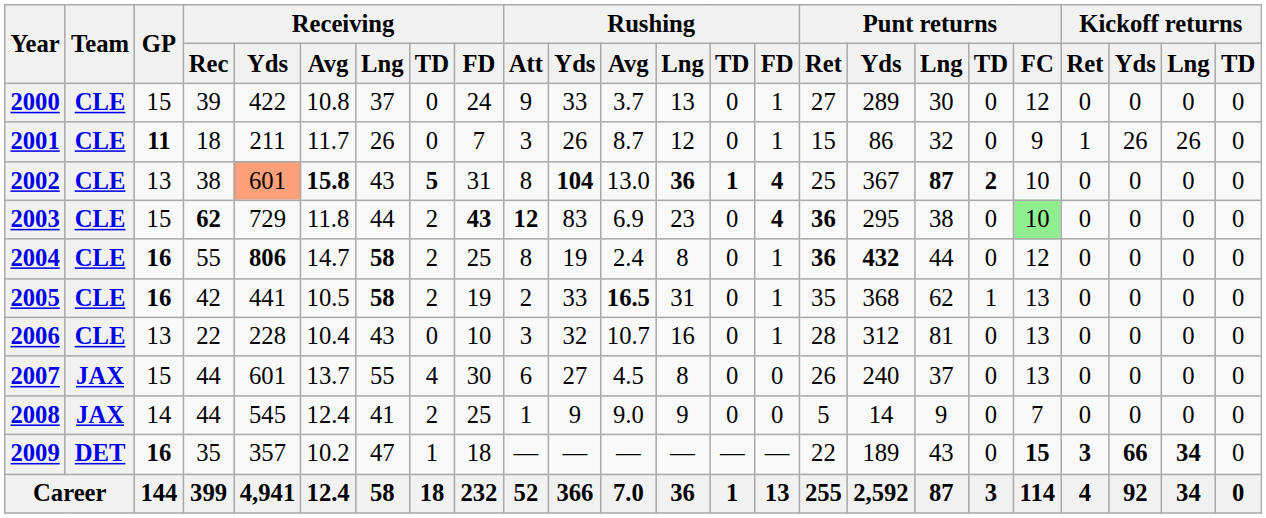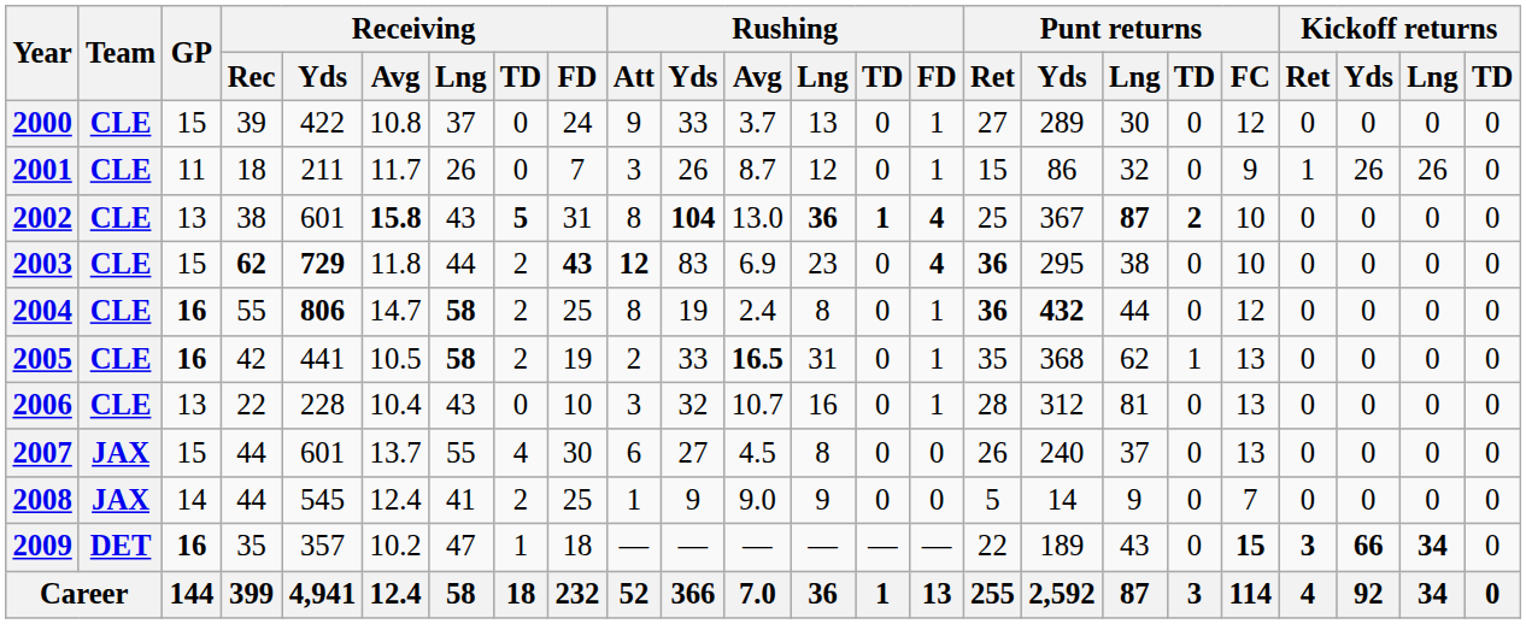 <table class="wikitable" style="text-align:center;">
 <tr>
 <th rowspan="2">Year</th>
 <th rowspan="2">Team</th>
 <th rowspan="2">GP</th>
 <th colspan="6">Receiving</th>
 <th colspan="6">Rushing</th>
 <th colspan="5">Punt returns</th>
 <th colspan="4">Kickoff returns</th>
 </tr>
 <tr>
 <th>Rec</th>
 <th>Yds</th>
 <th>Avg</th>
 <th>Lng</th>
 <th>TD</th>
 <th>FD</th>
 <th>Att</th>
 <th>Yds</th>
 <th>Avg</th>
 <th>Lng</th>
 <th>TD</th>
 <th>FD</th>
 <th>Ret</th>
 <th>Yds</th>
 <th>Lng</th>
 <th>TD</th>
 <th>FC</th>
 <th>Ret</th>
 <th>Yds</th>
 <th>Lng</th>
 <th>TD</th>
 </tr>
 <tr>
 <th><a href='#'>2000</a></th>
 <th><a href='#'>CLE</a></th>
 <td>15</td>
 <td>39</td>
 <td>422</td>
 <td>10.8</td>
 <td>37</td>
 <td>0</td>
 <td>24</td>
 <td>9</td>
 <td>33</td>
 <td>3.7</td>
 <td>13</td>
 <td>0</td>
 <td>1</td>
 <td>27</td>
 <td>289</td>
 <td>30</td>
 <td>0</td>
 <td>12</td>
 <td>0</td>
 <td>0</td>
 <td>0</td>
 <td>0</td>
 </tr>
 <tr>
 <th><a href='#'>2001</a></th>
 <th><a href='#'>CLE</a></th>
-<td><strong>11</strong></td>
+<td>11</td>
 <td>18</td>
 <td>211</td>
 <td>11.7</td>
 <td>26</td>
 <td>0</td>
 <td>7</td>
 <td>3</td>
 <td>26</td>
 <td>8.7</td>
 <td>12</td>
 <td>0</td>
 <td>1</td>
 <td>15</td>
 <td>86</td>
 <td>32</td>
 <td>0</td>
 <td>9</td>
 <td>1</td>
 <td>26</td>
 <td>26</td>
 <td>0</td>
 </tr>
 <tr>
 <th><a href='#'>2002</a></th>
 <th><a href='#'>CLE</a></th>
 <td>13</td>
 <td>38</td>
-<td style="background: lightsalmon;">601</td>
+<td>601</td>
 <td><strong>15.8</strong></td>
 <td>43</td>
 <td><strong>5</strong></td>
 <td>31</td>
 <td>8</td>
 <td><strong>104</strong></td>
 <td>13.0</td>
 <td><strong>36</strong></td>
 <td><strong>1</strong></td>
 <td><strong>4</strong></td>
 <td>25</td>
 <td>367</td>
 <td><strong>87</strong></td>
 <td><strong>2</strong></td>
 <td>10</td>
 <td>0</td>
 <td>0</td>
 <td>0</td>
 <td>0</td>
 </tr>
 <tr>
 <th><a href='#'>2003</a></th>
 <th><a href='#'>CLE</a></th>
 <td>15</td>
 <td><strong>62</strong></td>
-<td>729</td>
+<td><strong>729</strong></td>
 <td>11.8</td>
 <td>44</td>
 <td>2</td>
 <td><strong>43</strong></td>
 <td><strong>12</strong></td>
 <td>83</td>
 <td>6.9</td>
 <td>23</td>
 <td>0</td>
 <td><strong>4</strong></td>
 <td><strong>36</strong></td>
 <td>295</td>
 <td>38</td>
 <td>0</td>
-<td style="background: lightgreen;">10</td>
+<td>10</td>
 <td>0</td>
 <td>0</td>
 <td>0</td>
 <td>0</td>
 </tr>
 <tr>
 <th><a href='#'>2004</a></th>
 <th><a href='#'>CLE</a></th>
 <td><strong>16</strong></td>
 <td>55</td>
 <td><strong>806</strong></td>
 <td>14.7</td>
 <td><strong>58</strong></td>
 <td>2</td>
 <td>25</td>
 <td>8</td>
 <td>19</td>
 <td>2.4</td>
 <td>8</td>
 <td>0</td>
 <td>1</td>
 <td><strong>36</strong></td>
 <td><strong>432</strong></td>
 <td>44</td>
 <td>0</td>
 <td>12</td>
 <td>0</td>
 <td>0</td>
 <td>0</td>
 <td>0</td>
 </tr>
 <tr>
 <th><a href='#'>2005</a></th>
 <th><a href='#'>CLE</a></th>
 <td><strong>16</strong></td>
 <td>42</td>
 <td>441</td>
 <td>10.5</td>
 <td><strong>58</strong></td>
 <td>2</td>
 <td>19</td>
 <td>2</td>
 <td>33</td>
 <td><strong>16.5</strong></td>
 <td>31</td>
 <td>0</td>
 <td>1</td>
 <td>35</td>
 <td>368</td>
 <td>62</td>
 <td>1</td>
 <td>13</td>
 <td>0</td>
 <td>0</td>
 <td>0</td>
 <td>0</td>
 </tr>
 <tr>
 <th><a href='#'>2006</a></th>
 <th><a href='#'>CLE</a></th>
 <td>13</td>
 <td>22</td>
 <td>228</td>
 <td>10.4</td>
 <td>43</td>
 <td>0</td>
 <td>10</td>
 <td>3</td>
 <td>32</td>
 <td>10.7</td>
 <td>16</td>
 <td>0</td>
 <td>1</td>
 <td>28</td>
 <td>312</td>
 <td>81</td>
 <td>0</td>
 <td>13</td>
 <td>0</td>
 <td>0</td>
 <td>0</td>
 <td>0</td>
 </tr>
 <tr>
 <th><a href='#'>2007</a></th>
 <th><a href='#'>JAX</a></th>
 <td>15</td>
 <td>44</td>
 <td>601</td>
 <td>13.7</td>
 <td>55</td>
 <td>4</td>
 <td>30</td>
 <td>6</td>
 <td>27</td>
 <td>4.5</td>
 <td>8</td>
 <td>0</td>
 <td>0</td>
 <td>26</td>
 <td>240</td>
 <td>37</td>
 <td>0</td>
 <td>13</td>
 <td>0</td>
 <td>0</td>
 <td>0</td>
 <td>0</td>
 </tr>
 <tr>
 <th><a href='#'>2008</a></th>
 <th><a href='#'>JAX</a></th>
 <td>14</td>
 <td>44</td>
 <td>545</td>
 <td>12.4</td>
 <td>41</td>
 <td>2</td>
 <td>25</td>
 <td>1</td>
 <td>9</td>
 <td>9.0</td>
 <td>9</td>
 <td>0</td>
 <td>0</td>
 <td>5</td>
 <td>14</td>
 <td>9</td>
 <td>0</td>
 <td>7</td>
 <td>0</td>
 <td>0</td>
 <td>0</td>
 <td>0</td>
 </tr>
 <tr>
 <th><a href='#'>2009</a></th>
 <th><a href='#'>DET</a></th>
 <td><strong>16</strong></td>
 <td>35</td>
 <td>357</td>
 <td>10.2</td>
 <td>47</td>
 <td>1</td>
 <td>18</td>
 <td>—</td>
 <td>—</td>
 <td>—</td>
 <td>—</td>
 <td>—</td>
 <td>—</td>
 <td>22</td>
 <td>189</td>
 <td>43</td>
 <td>0</td>
 <td><strong>15</strong></td>
 <td><strong>3</strong></td>
 <td><strong>66</strong></td>
 <td><strong>34</strong></td>
 <td>0</td>
 </tr>
 <tr>
 <th colspan="2">Career</th>
 <th>144</th>
 <th>399</th>
 <th>4,941</th>
 <th>12.4</th>
 <th>58</th>
 <th>18</th>
 <th>232</th>
 <th>52</th>
 <th>366</th>
 <th>7.0</th>
 <th>36</th>
 <th>1</th>
 <th>13</th>
 <th>255</th>
 <th>2,592</th>
 <th>87</th>
 <th>3</th>
 <th>114</th>
 <th>4</th>
 <th>92</th>
 <th>34</th>
 <th>0</th>
 </tr>
 </table>
